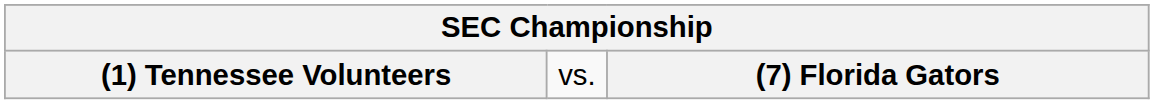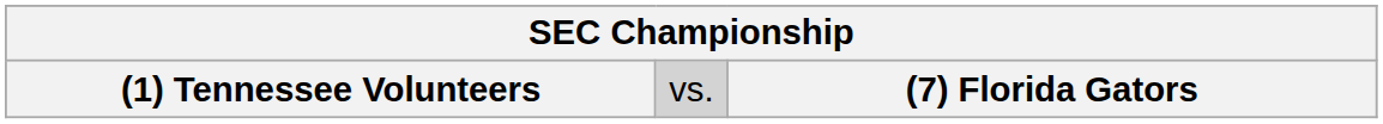 <table class="wikitable">
 <tr>
 <th style="width: 604px;" colspan=3>SEC Championship</th>
 </tr>
 <tr>
 <th style="width: 289px; ">(1) Tennessee Volunteers</th>
-<td style="width: 25px; text-align:center">vs.</td>
+<td style="background: lightgrey; width: 25px; text-align:center">vs.</td>
 <th style="width: 289px; ">(7) Florida Gators</th>
 </tr>
 </table>
